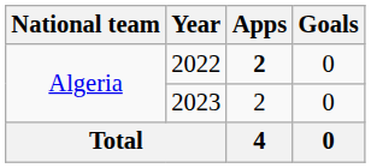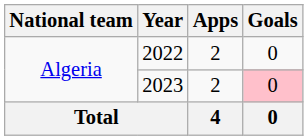 <table class="wikitable" style="text-align:center">
 <tr>
 <th>National team</th>
 <th>Year</th>
 <th>Apps</th>
 <th>Goals</th>
 </tr>
 <tr>
 <td rowspan="2"><a href='#'>Algeria</a></td>
 <td>2022</td>
-<td><strong>2</strong></td>
+<td>2</td>
 <td>0</td>
 </tr>
 <tr>
 <td>2023</td>
 <td>2</td>
-<td>0</td>
+<td style="background: pink;">0</td>
 </tr>
 <tr>
 <th colspan="2">Total</th>
 <th>4</th>
 <th>0</th>
 </tr>
 </table>
